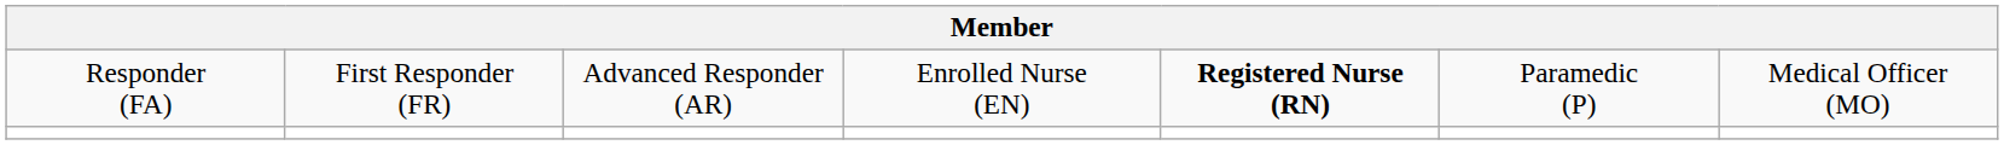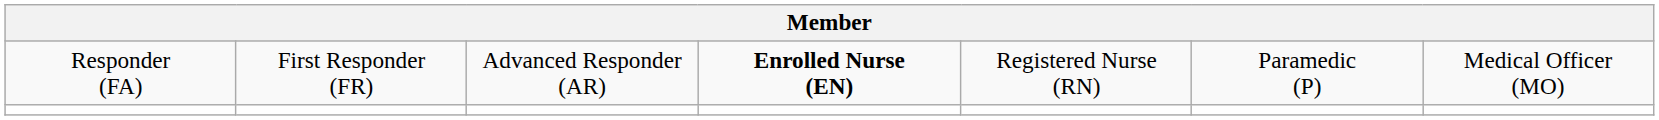 <table class="wikitable"  style="margin:0.5em auto; width:90%;">
 <tr>
 <th colspan="7">Member</th>
 </tr>
 <tr align=center>
 <td width="14%">Responder<br>(FA)</td>
 <td width="14%">First Responder<br>(FR)</td>
 <td width="14%">Advanced Responder<br>(AR)</td>
-<td width="16%">Enrolled Nurse<br>(EN)</td>
-<td width="14%"><strong>Registered Nurse<br>(RN)</strong></td>
+<td width="16%"><strong>Enrolled Nurse<br>(EN)</strong></td>
+<td width="14%">Registered Nurse<br>(RN)</td>
 <td width="14%">Paramedic<br>(P)</td>
 <td width="14%">Medical Officer<br>(MO)</td>
 </tr>
 <tr style="text-align:center; background: white;">
 <td></td>
 <td></td>
 <td></td>
 <td></td>
 <td></td>
 <td></td>
 <td></td>
 </tr>
 </table>
